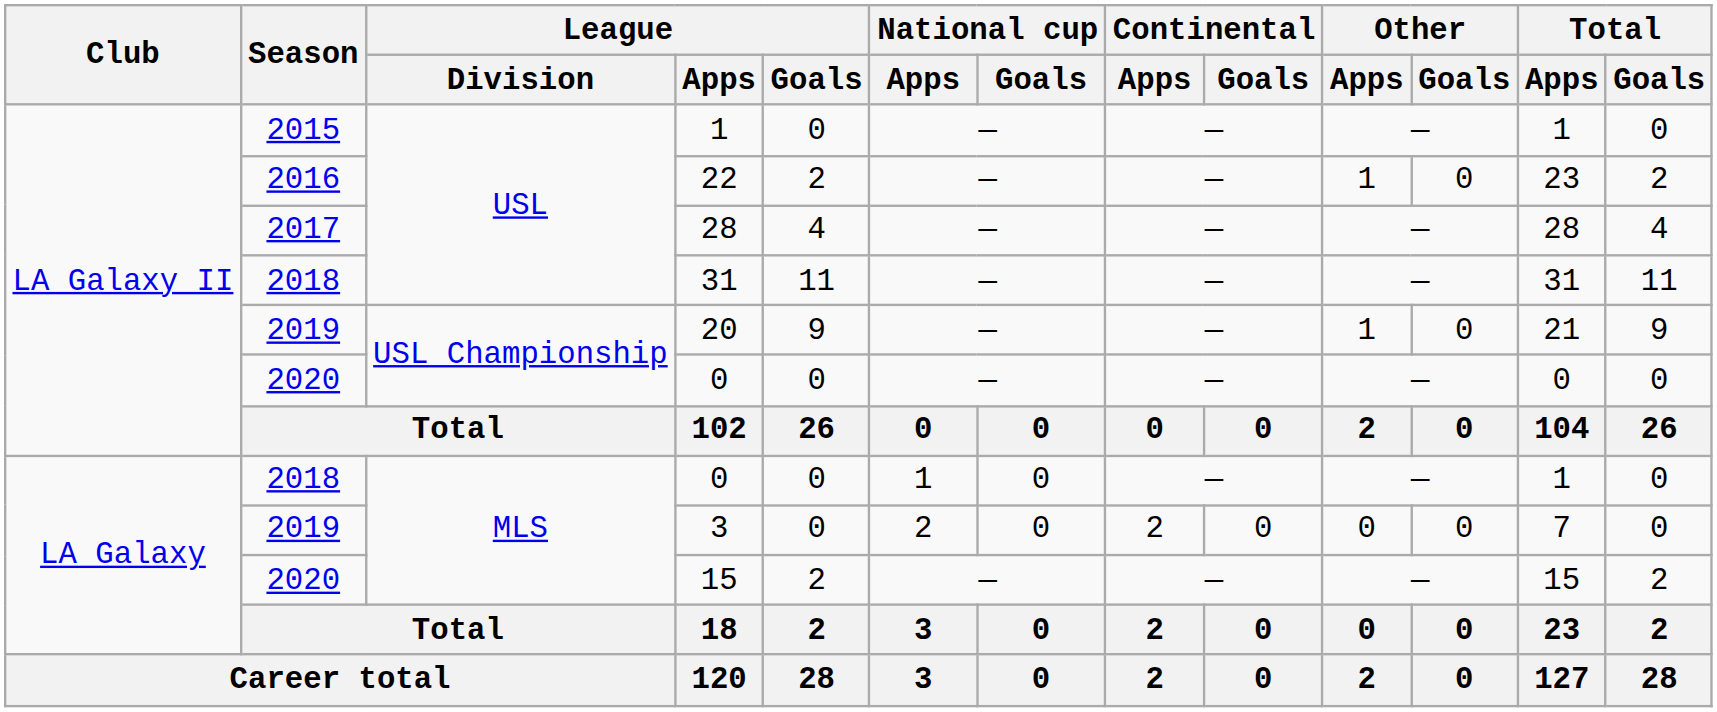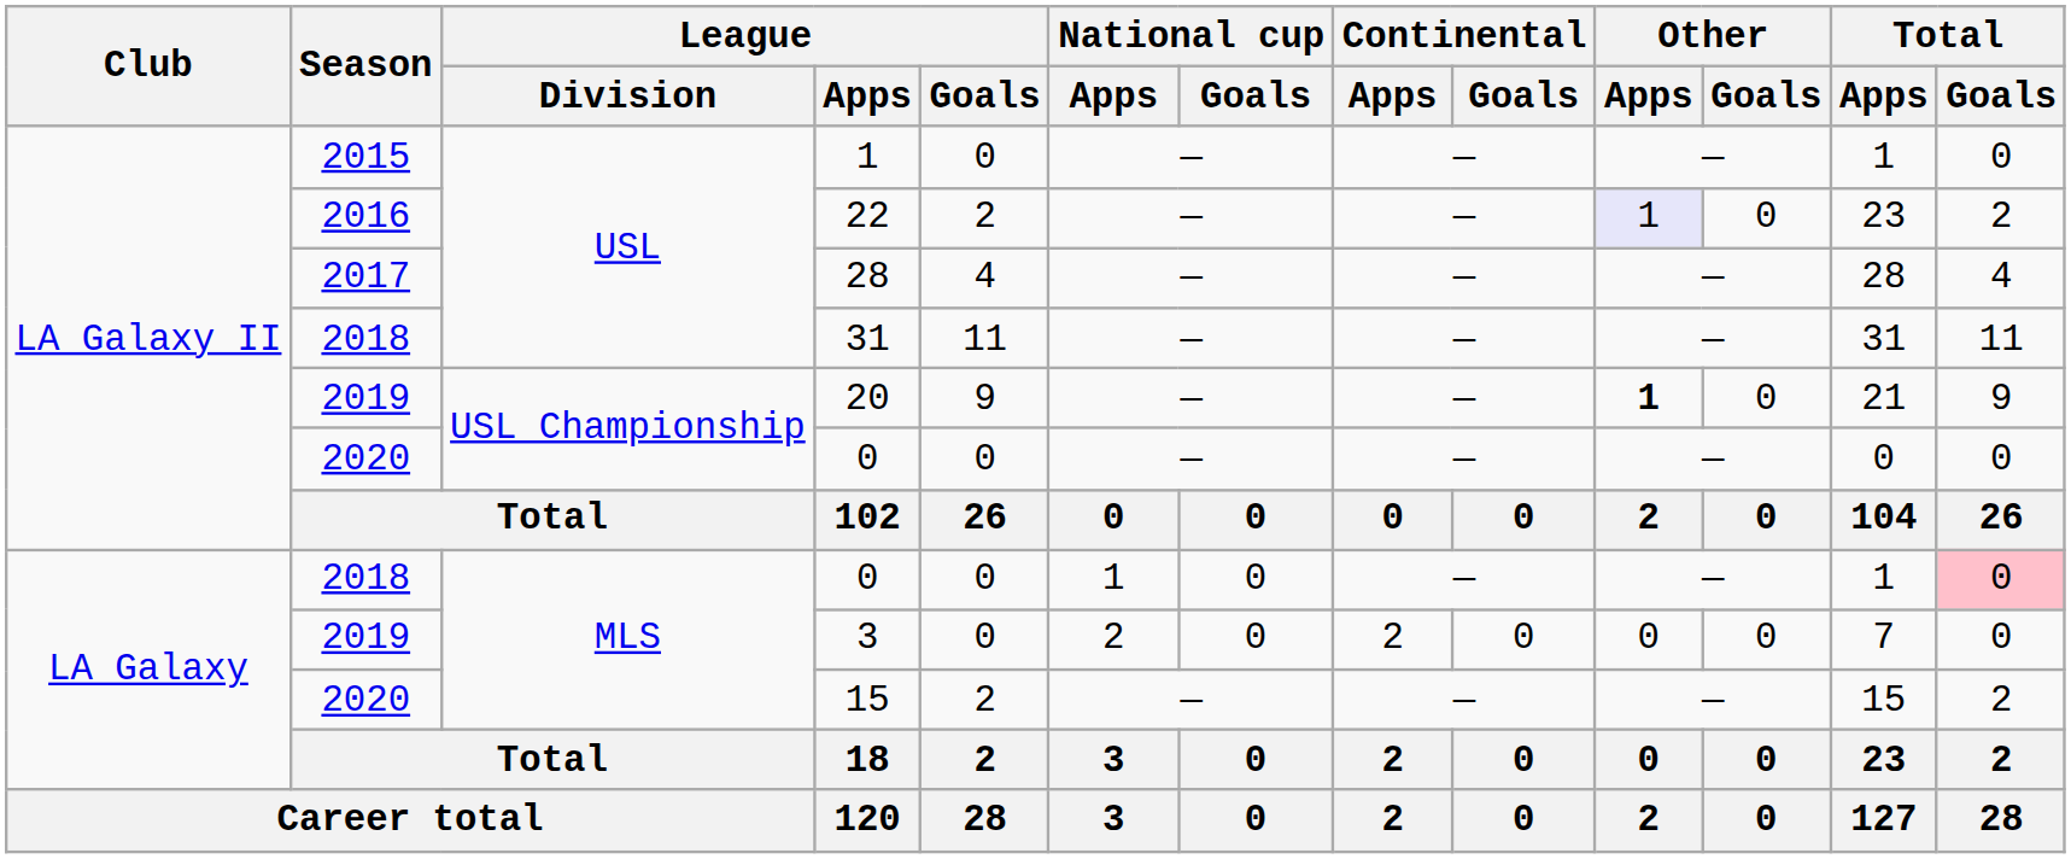 <table class="wikitable" style="text-align:center">
 <tr>
 <th rowspan="2">Club</th>
 <th rowspan="2">Season</th>
 <th colspan="3">League</th>
 <th colspan="2">National cup</th>
 <th colspan="2">Continental</th>
 <th colspan="2">Other</th>
 <th colspan="2">Total</th>
 </tr>
 <tr>
 <th>Division</th>
 <th>Apps</th>
 <th>Goals</th>
 <th>Apps</th>
 <th>Goals</th>
 <th>Apps</th>
 <th>Goals</th>
 <th>Apps</th>
 <th>Goals</th>
 <th>Apps</th>
 <th>Goals</th>
 </tr>
 <tr>
 <td rowspan="7"><a href='#'>LA Galaxy II</a></td>
 <td><a href='#'>2015</a></td>
 <td rowspan="4"><a href='#'>USL</a></td>
 <td>1</td>
 <td>0</td>
 <td colspan="2">—</td>
 <td colspan="2">—</td>
 <td colspan="2">—</td>
 <td>1</td>
 <td>0</td>
 </tr>
 <tr>
 <td><a href='#'>2016</a></td>
 <td>22</td>
 <td>2</td>
 <td colspan="2">—</td>
 <td colspan="2">—</td>
-<td>1</td>
+<td style="background: lavender;">1</td>
 <td>0</td>
 <td>23</td>
 <td>2</td>
 </tr>
 <tr>
 <td><a href='#'>2017</a></td>
 <td>28</td>
 <td>4</td>
 <td colspan="2">—</td>
 <td colspan="2">—</td>
 <td colspan="2">—</td>
 <td>28</td>
 <td>4</td>
 </tr>
 <tr>
 <td><a href='#'>2018</a></td>
 <td>31</td>
 <td>11</td>
 <td colspan="2">—</td>
 <td colspan="2">—</td>
 <td colspan="2">—</td>
 <td>31</td>
 <td>11</td>
 </tr>
 <tr>
 <td><a href='#'>2019</a></td>
 <td rowspan="2"><a href='#'>USL Championship</a></td>
 <td>20</td>
 <td>9</td>
 <td colspan="2">—</td>
 <td colspan="2">—</td>
-<td>1</td>
+<td><strong>1</strong></td>
 <td>0</td>
 <td>21</td>
 <td>9</td>
 </tr>
 <tr>
 <td><a href='#'>2020</a></td>
 <td>0</td>
 <td>0</td>
 <td colspan="2">—</td>
 <td colspan="2">—</td>
 <td colspan="2">—</td>
 <td>0</td>
 <td>0</td>
 </tr>
 <tr>
 <th colspan="2">Total</th>
 <th>102</th>
 <th>26</th>
 <th>0</th>
 <th>0</th>
 <th>0</th>
 <th>0</th>
 <th>2</th>
 <th>0</th>
 <th>104</th>
 <th>26</th>
 </tr>
 <tr>
 <td rowspan="4"><a href='#'>LA Galaxy</a></td>
 <td><a href='#'>2018</a></td>
 <td rowspan="3"><a href='#'>MLS</a></td>
 <td>0</td>
 <td>0</td>
 <td>1</td>
 <td>0</td>
 <td colspan="2">—</td>
 <td colspan="2">—</td>
 <td>1</td>
-<td>0</td>
+<td style="background: pink;">0</td>
 </tr>
 <tr>
 <td><a href='#'>2019</a></td>
 <td>3</td>
 <td>0</td>
 <td>2</td>
 <td>0</td>
 <td>2</td>
 <td>0</td>
 <td>0</td>
 <td>0</td>
 <td>7</td>
 <td>0</td>
 </tr>
 <tr>
 <td><a href='#'>2020</a></td>
 <td>15</td>
 <td>2</td>
 <td colspan="2">—</td>
 <td colspan="2">—</td>
 <td colspan="2">—</td>
 <td>15</td>
 <td>2</td>
 </tr>
 <tr>
 <th colspan="2">Total</th>
 <th>18</th>
 <th>2</th>
 <th>3</th>
 <th>0</th>
 <th>2</th>
 <th>0</th>
 <th>0</th>
 <th>0</th>
 <th>23</th>
 <th>2</th>
 </tr>
 <tr>
 <th colspan="3">Career total</th>
 <th>120</th>
 <th>28</th>
 <th>3</th>
 <th>0</th>
 <th>2</th>
 <th>0</th>
 <th>2</th>
 <th>0</th>
 <th>127</th>
 <th>28</th>
 </tr>
 </table>
